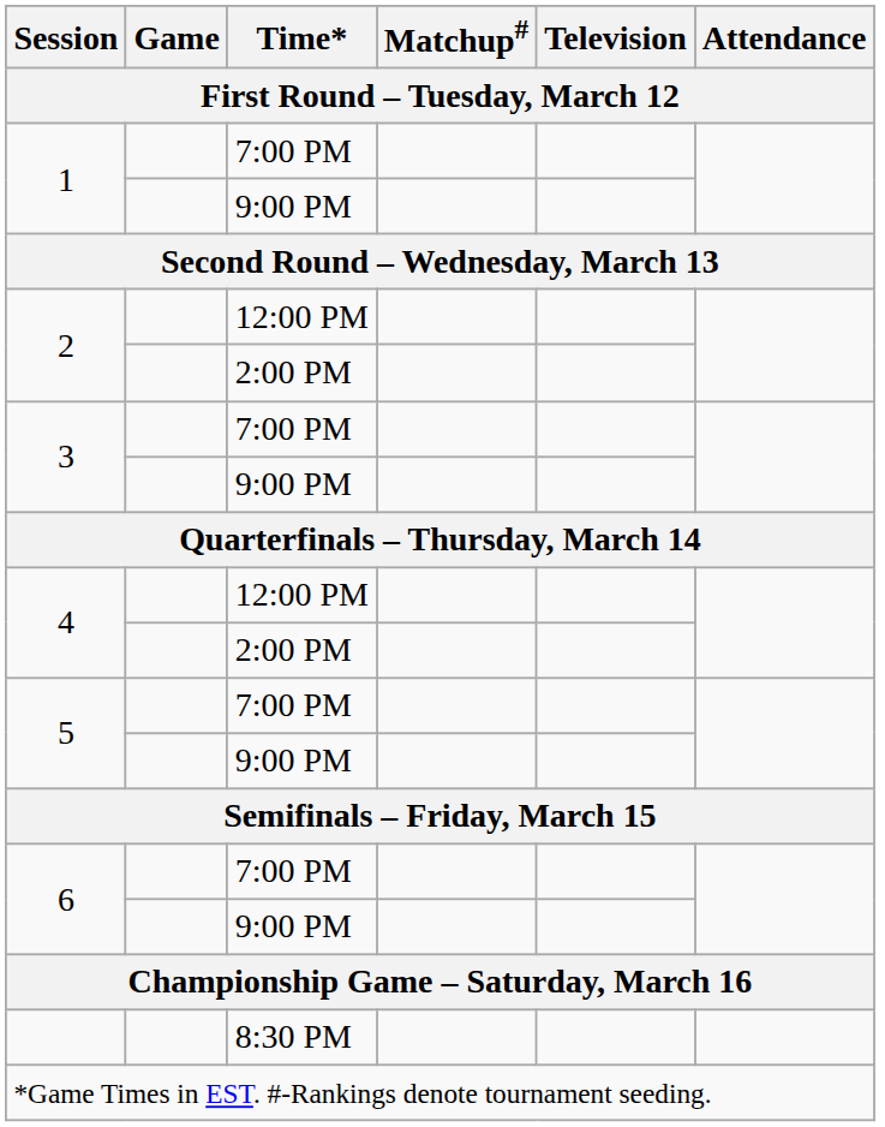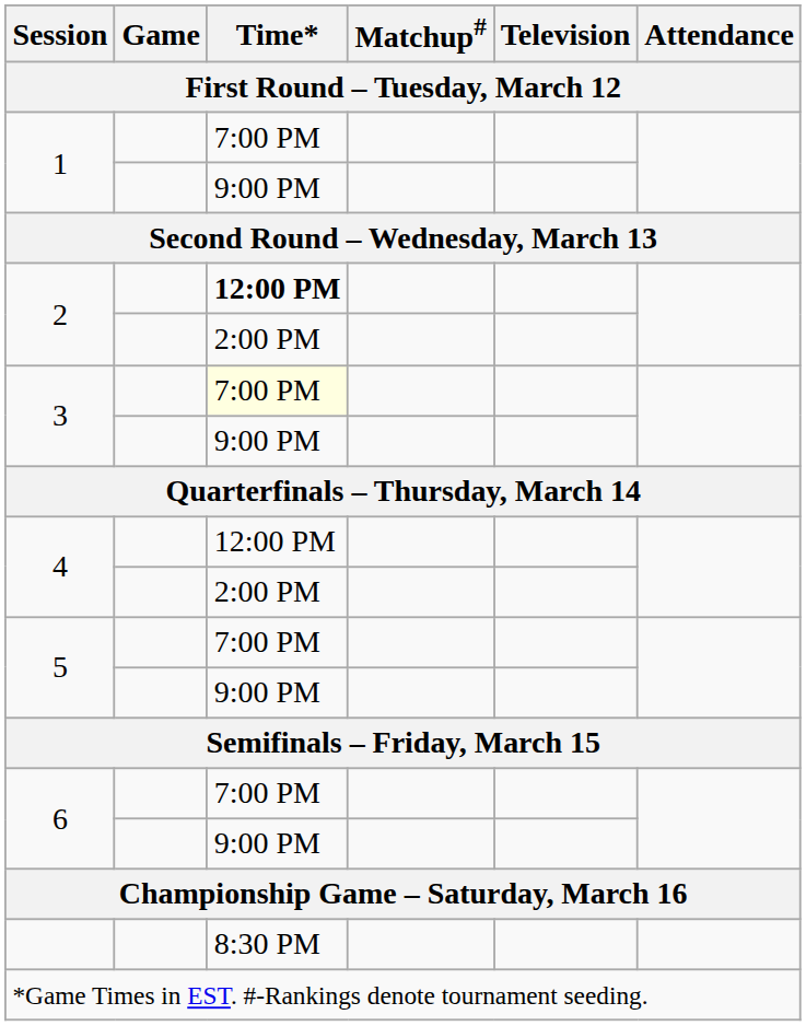 <table class="wikitable" style="font-size: 95%">
 <tr align="center">
 <th>Session</th>
 <th>Game</th>
 <th>Time*</th>
 <th>Matchup<sup>#</sup></th>
 <th>Television</th>
 <th>Attendance</th>
 </tr>
 <tr>
 <th colspan=7>First Round – Tuesday, March 12</th>
 </tr>
 <tr>
 <td rowspan=2 style="text-align:center;">1</td>
 <td></td>
 <td>7:00 PM</td>
 <td></td>
 <td></td>
 <td rowspan=2></td>
 </tr>
 <tr>
 <td></td>
 <td>9:00 PM</td>
 <td></td>
 <td></td>
 </tr>
 <tr>
 <th colspan=7>Second Round – Wednesday, March 13</th>
 </tr>
 <tr>
 <td rowspan=2 style="text-align:center;">2</td>
 <td></td>
-<td>12:00 PM</td>
+<td><strong>12:00 PM</strong></td>
 <td></td>
 <td></td>
 <td rowspan=2></td>
 </tr>
 <tr>
 <td></td>
 <td>2:00 PM</td>
 <td></td>
 <td></td>
 </tr>
 <tr>
 <td rowspan=2 style="text-align:center;">3</td>
 <td></td>
-<td>7:00 PM</td>
+<td style="background: lightyellow;">7:00 PM</td>
 <td></td>
 <td></td>
 <td rowspan=2></td>
 </tr>
 <tr>
 <td></td>
 <td>9:00 PM</td>
 <td></td>
 <td></td>
 </tr>
 <tr>
 <th colspan=7>Quarterfinals – Thursday, March 14</th>
 </tr>
 <tr>
 <td rowspan=2 style="text-align:center;">4</td>
 <td></td>
 <td>12:00 PM</td>
 <td></td>
 <td></td>
 <td rowspan=2></td>
 </tr>
 <tr>
 <td></td>
 <td>2:00 PM</td>
 <td></td>
 <td></td>
 </tr>
 <tr>
 <td rowspan=2 style="text-align:center;">5</td>
 <td></td>
 <td>7:00 PM</td>
 <td></td>
 <td></td>
 <td rowspan=2></td>
 </tr>
 <tr>
 <td></td>
 <td>9:00 PM</td>
 <td></td>
 <td></td>
 </tr>
 <tr>
 <th colspan=7>Semifinals – Friday, March 15</th>
 </tr>
 <tr>
 <td rowspan=2 style="text-align:center;">6</td>
 <td></td>
 <td>7:00 PM</td>
 <td></td>
 <td></td>
 <td rowspan=2></td>
 </tr>
 <tr>
 <td></td>
 <td>9:00 PM</td>
 <td></td>
 <td></td>
 </tr>
 <tr>
 <th colspan=7>Championship Game – Saturday, March 16</th>
 </tr>
 <tr>
 <td></td>
 <td></td>
 <td>8:30 PM</td>
 <td></td>
 <td></td>
 <td></td>
 </tr>
 <tr>
 <td colspan=6><small>*Game Times in <a href='#'>EST</a>. #-Rankings denote tournament seeding.</small></td>
 </tr>
 </table>
